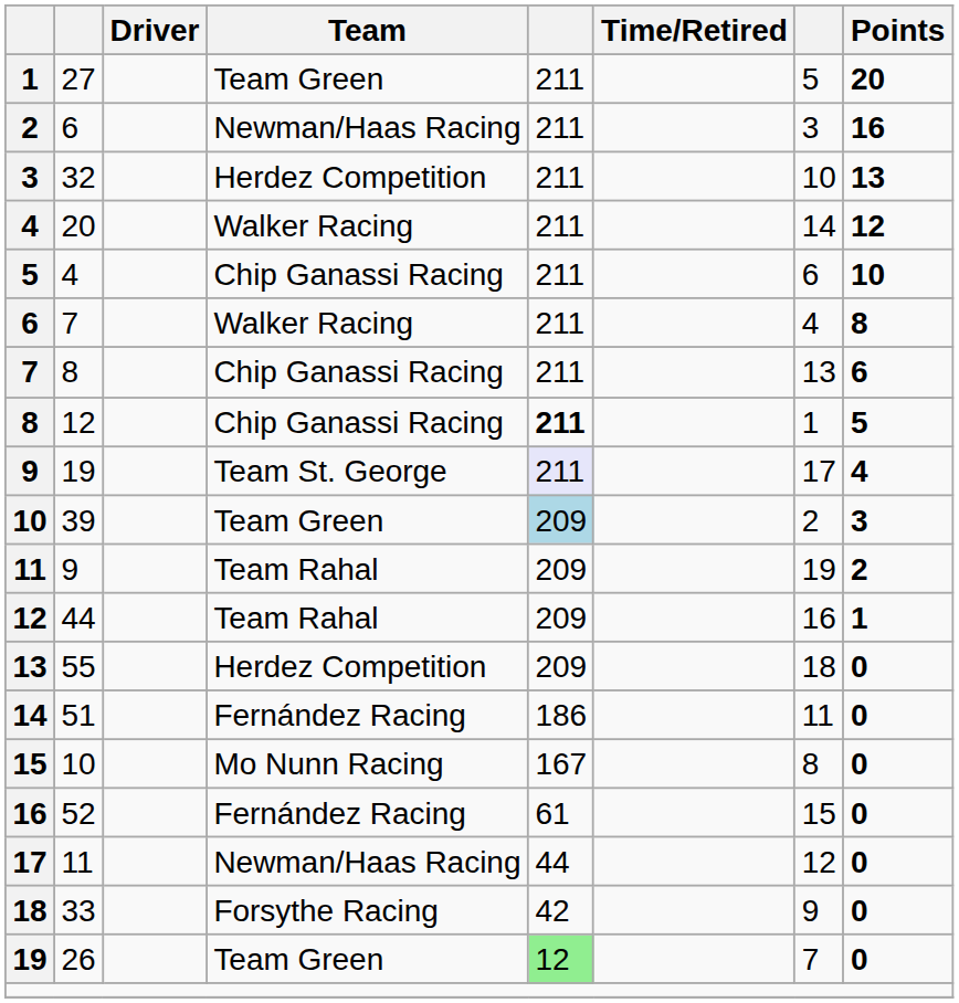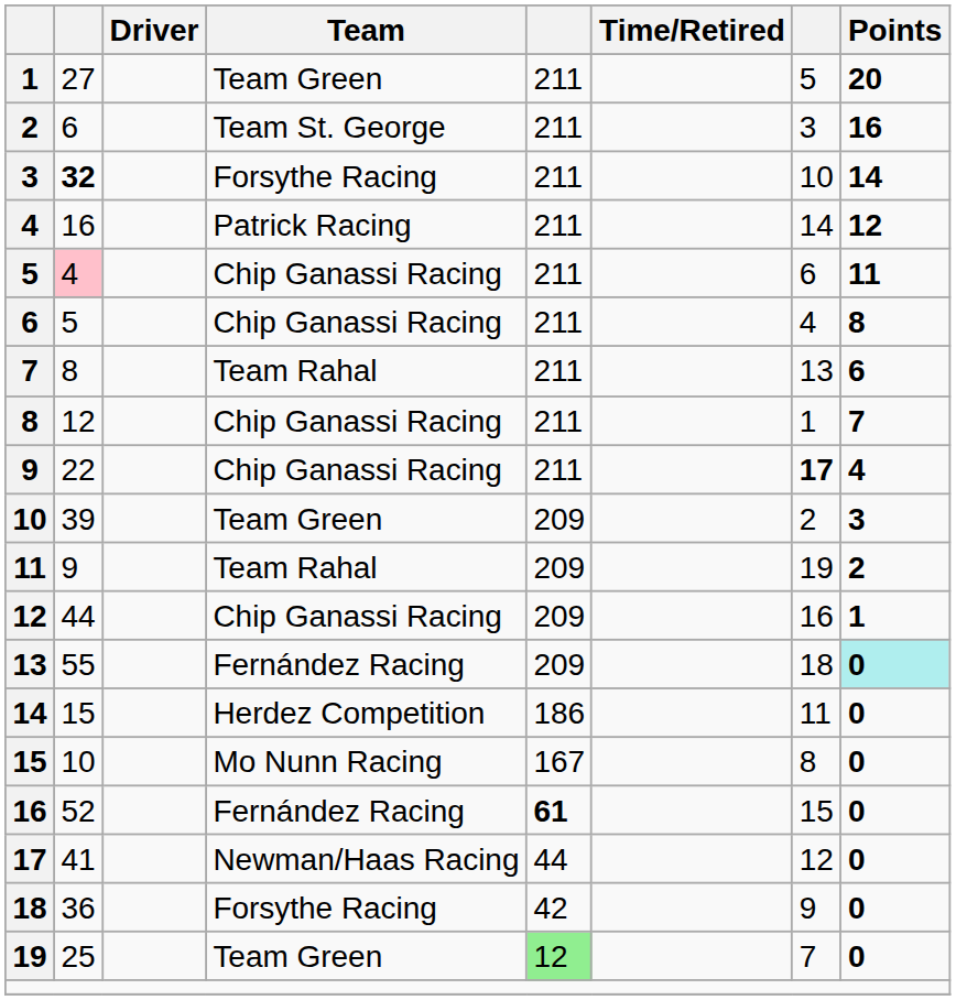 <table class="wikitable sortable" style="font-size:95%;">
 <tr>
 <th scope="col"></th>
 <th scope="col"></th>
 <th scope="col">Driver</th>
 <th scope="col">Team</th>
 <th scope="col"></th>
 <th scope="col">Time/Retired</th>
 <th scope="col"></th>
 <th scope="col">Points</th>
 </tr>
 <tr>
 <th scope="row">1</th>
 <td>27</td>
 <td data-sort-value="FRA"></td>
 <td>Team Green</td>
 <td>211</td>
 <td></td>
 <td>5</td>
 <td><strong>20</strong></td>
 </tr>
 <tr>
 <th scope="row">2</th>
 <td>6</td>
 <td data-sort-value="DAM"></td>
-<td>Newman/Haas Racing</td>
+<td>Team St. George</td>
 <td>211</td>
 <td></td>
 <td>3</td>
 <td><strong>16</strong></td>
 </tr>
 <tr>
 <th scope="row">3</th>
-<td>32</td>
+<td><strong>32</strong></td>
 <td data-sort-value="CAR"></td>
-<td>Herdez Competition</td>
+<td>Forsythe Racing</td>
 <td>211</td>
 <td></td>
 <td>10</td>
-<td><strong>13</strong></td>
+<td><strong>14</strong></td>
 </tr>
 <tr>
 <th scope="row">4</th>
-<td>20</td>
+<td>16</td>
 <td data-sort-value="SER"></td>
-<td>Walker Racing</td>
+<td>Patrick Racing</td>
 <td>211</td>
 <td></td>
 <td>14</td>
 <td><strong>12</strong></td>
 </tr>
 <tr>
 <th scope="row">5</th>
-<td>4</td>
+<td style="background: pink;">4</td>
 <td data-sort-value="JUN"></td>
 <td>Chip Ganassi Racing</td>
 <td>211</td>
 <td></td>
 <td>6</td>
-<td><strong>10</strong></td>
+<td><strong>11</strong></td>
 </tr>
 <tr>
 <th scope="row">6</th>
-<td>7</td>
+<td>5</td>
 <td data-sort-value="TAK"></td>
-<td>Walker Racing</td>
+<td>Chip Ganassi Racing</td>
 <td>211</td>
 <td></td>
 <td>4</td>
 <td><strong>8</strong></td>
 </tr>
 <tr>
 <th scope="row">7</th>
 <td>8</td>
 <td data-sort-value="VAS"></td>
-<td>Chip Ganassi Racing</td>
+<td>Team Rahal</td>
 <td>211</td>
 <td></td>
 <td>13</td>
 <td><strong>6</strong></td>
 </tr>
 <tr>
 <th scope="row">8</th>
 <td>12</td>
 <td data-sort-value="BRA"></td>
 <td>Chip Ganassi Racing</td>
-<td><strong>211</strong></td>
+<td>211</td>
 <td></td>
 <td>1</td>
-<td><strong>5</strong></td>
+<td><strong>7</strong></td>
 </tr>
 <tr>
 <th scope="row">9</th>
-<td>19</td>
+<td>22</td>
 <td data-sort-value="MAN"></td>
-<td>Team St. George</td>
-<td style="background: lavender;">211</td>
+<td>Chip Ganassi Racing</td>
+<td>211</td>
 <td></td>
-<td>17</td>
+<td><strong>17</strong></td>
 <td><strong>4</strong></td>
 </tr>
 <tr>
 <th scope="row">10</th>
 <td>39</td>
 <td data-sort-value="AND"></td>
 <td>Team Green</td>
-<td style="background: lightblue;">209</td>
+<td>209</td>
 <td></td>
 <td>2</td>
 <td><strong>3</strong></td>
 </tr>
 <tr>
 <th scope="row">11</th>
 <td>9</td>
 <td data-sort-value="JOU"></td>
 <td>Team Rahal</td>
 <td>209</td>
 <td></td>
 <td>19</td>
 <td><strong>2</strong></td>
 </tr>
 <tr>
 <th scope="row">12</th>
 <td>44</td>
 <td data-sort-value="DIX"></td>
-<td>Team Rahal</td>
+<td>Chip Ganassi Racing</td>
 <td>209</td>
 <td></td>
 <td>16</td>
 <td><strong>1</strong></td>
 </tr>
 <tr>
 <th scope="row">13</th>
 <td>55</td>
 <td data-sort-value="DOM"></td>
-<td>Herdez Competition</td>
+<td>Fernández Racing</td>
 <td>209</td>
 <td></td>
 <td>18</td>
-<td><strong>0</strong></td>
+<td style="background: paleturquoise;"><strong>0</strong></td>
 </tr>
 <tr>
 <th scope="row">14</th>
-<td>51</td>
+<td>15</td>
 <td data-sort-value="FER"></td>
-<td>Fernández Racing</td>
+<td>Herdez Competition</td>
 <td>186</td>
 <td></td>
 <td>11</td>
 <td><strong>0</strong></td>
 </tr>
 <tr>
 <th scope="row">15</th>
 <td>10</td>
 <td data-sort-value="KAN"></td>
 <td>Mo Nunn Racing</td>
 <td>167</td>
 <td></td>
 <td>8</td>
 <td><strong>0</strong></td>
 </tr>
 <tr>
 <th scope="row">16</th>
 <td>52</td>
 <td data-sort-value="NAK"></td>
 <td>Fernández Racing</td>
-<td>61</td>
+<td><strong>61</strong></td>
 <td></td>
 <td>15</td>
 <td><strong>0</strong></td>
 </tr>
 <tr>
 <th scope="row">17</th>
-<td>11</td>
+<td>41</td>
 <td data-sort-value="FIT"></td>
 <td>Newman/Haas Racing</td>
 <td>44</td>
 <td></td>
 <td>12</td>
 <td><strong>0</strong></td>
 </tr>
 <tr>
 <th scope="row">18</th>
-<td>33</td>
+<td>36</td>
 <td data-sort-value="TAG"></td>
 <td>Forsythe Racing</td>
 <td>42</td>
 <td></td>
 <td>9</td>
 <td><strong>0</strong></td>
 </tr>
 <tr>
 <th scope="row">19</th>
-<td>26</td>
+<td>25</td>
 <td data-sort-value="TRA"></td>
 <td>Team Green</td>
 <td style="background: lightgreen;">12</td>
 <td></td>
 <td>7</td>
 <td><strong>0</strong></td>
 </tr>
 <tr class="sortbottom">
 <td colspan="8"></td>
 </tr>
 <tr>
 </tr>
 </table>
